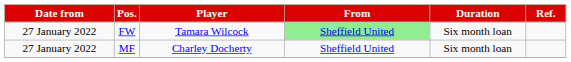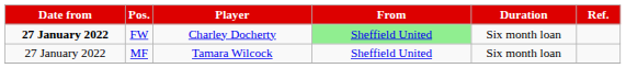 <table class="wikitable" style="text-align:center;">
 <tr>
 <th style="background:#DD0000; color:#FFFFFF; width:150px;">Date from</th>
 <th style="background:#DD0000; color:#FFFFFF; width:20px;">Pos.</th>
 <th style="background:#DD0000; color:#FFFFFF; width:200px;">Player</th>
 <th style="background:#DD0000; color:#FFFFFF; width:200px;">From</th>
 <th style="background:#DD0000; color:#FFFFFF; width:130px;">Duration</th>
 <th style="background:#DD0000; color:#FFFFFF; width:50px;">Ref.</th>
 </tr>
 <tr>
-<td>27 January 2022</td>
+<td><strong>27 January 2022</strong></td>
 <td><a href='#'>FW</a></td>
-<td><a href='#'>Tamara Wilcock</a></td>
+<td><a href='#'>Charley Docherty</a></td>
 <td style="background: lightgreen;"><a href='#'>Sheffield United</a></td>
 <td>Six month loan</td>
 <td></td>
 </tr>
 <tr>
 <td>27 January 2022</td>
 <td><a href='#'>MF</a></td>
-<td><a href='#'>Charley Docherty</a></td>
+<td><a href='#'>Tamara Wilcock</a></td>
 <td><a href='#'>Sheffield United</a></td>
 <td>Six month loan</td>
 <td></td>
 </tr>
 <tr>
 </tr>
 </table>
